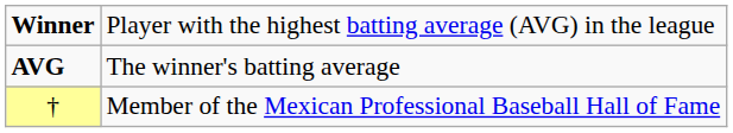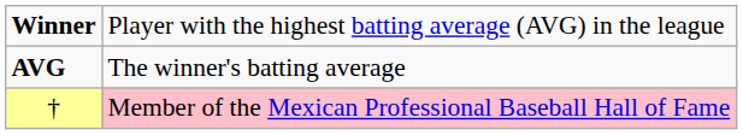 <table class="wikitable">
 <tr>
 <td><strong>Winner</strong></td>
 <td>Player with the highest <a href='#'>batting average</a> (AVG) in the league</td>
 </tr>
 <tr>
 <td><strong>AVG</strong></td>
 <td>The winner's batting average</td>
 </tr>
 <tr>
 <td style="background-color:#FFFF99;" align=center>†</td>
-<td>Member of the <a href='#'>Mexican Professional Baseball Hall of Fame</a></td>
+<td style="background: pink;">Member of the <a href='#'>Mexican Professional Baseball Hall of Fame</a></td>
 </tr>
 </table>
